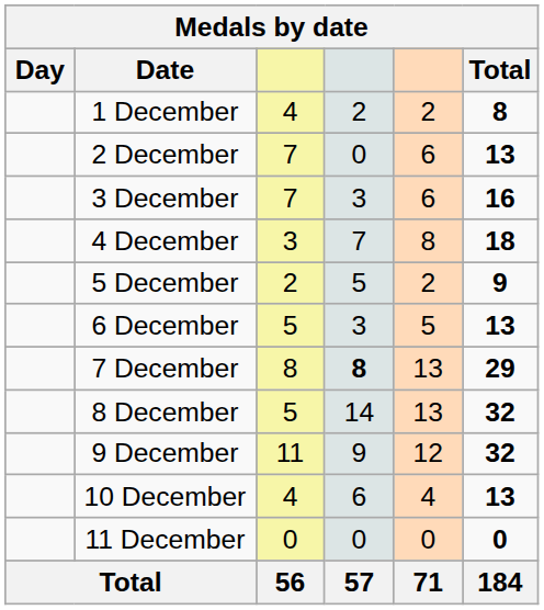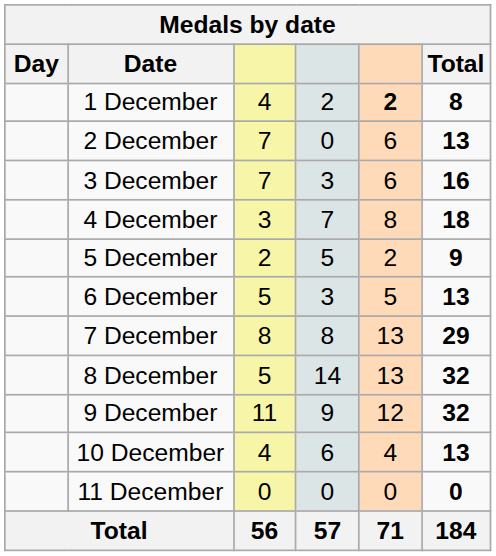 <table class="wikitable" style="font-size:90%; text-align:center;">
 <tr style="background:#efefef;">
 <th colspan=6><strong>Medals by date</strong></th>
 </tr>
 <tr>
 <th width=30><strong>Day</strong></th>
 <th width=90><strong>Date</strong></th>
 <th width=30 style="background:#F7F6A8;"></th>
 <th width=30 style="background:#DCE5E5;"></th>
 <th width=30 style="background:#FFDAB9;"></th>
 <th width=30><strong>Total</strong></th>
 </tr>
 <tr>
 <td></td>
 <td>1 December</td>
 <td style="background:#F7F6A8;">4</td>
 <td style="background:#DCE5E5;">2</td>
-<td style="background:#FFDAB9;">2</td>
+<td style="background:#FFDAB9;"><strong>2</strong></td>
 <td><strong>8</strong></td>
 </tr>
 <tr>
 <td></td>
 <td>2 December</td>
 <td style="background:#F7F6A8;">7</td>
 <td style="background:#DCE5E5;">0</td>
 <td style="background:#FFDAB9;">6</td>
 <td><strong>13</strong></td>
 </tr>
 <tr>
 <td></td>
 <td>3 December</td>
 <td style="background:#F7F6A8;">7</td>
 <td style="background:#DCE5E5;">3</td>
 <td style="background:#FFDAB9;">6</td>
 <td><strong>16</strong></td>
 </tr>
 <tr>
 <td></td>
 <td>4 December</td>
 <td style="background:#F7F6A8;">3</td>
 <td style="background:#DCE5E5;">7</td>
 <td style="background:#FFDAB9;">8</td>
 <td><strong>18</strong></td>
 </tr>
 <tr>
 <td></td>
 <td>5 December</td>
 <td style="background:#F7F6A8;">2</td>
 <td style="background:#DCE5E5;">5</td>
 <td style="background:#FFDAB9;">2</td>
 <td><strong>9</strong></td>
 </tr>
 <tr>
 <td></td>
 <td>6 December</td>
 <td style="background:#F7F6A8;">5</td>
 <td style="background:#DCE5E5;">3</td>
 <td style="background:#FFDAB9;">5</td>
 <td><strong>13</strong></td>
 </tr>
 <tr>
 <td></td>
 <td>7 December</td>
 <td style="background:#F7F6A8;">8</td>
-<td style="background:#DCE5E5;"><strong>8</strong></td>
+<td style="background:#DCE5E5;">8</td>
 <td style="background:#FFDAB9;">13</td>
 <td><strong>29</strong></td>
 </tr>
 <tr>
 <td></td>
 <td>8 December</td>
 <td style="background:#F7F6A8;">5</td>
 <td style="background:#DCE5E5;">14</td>
 <td style="background:#FFDAB9;">13</td>
 <td><strong>32</strong></td>
 </tr>
 <tr>
 <td></td>
 <td>9 December</td>
 <td style="background:#F7F6A8;">11</td>
 <td style="background:#DCE5E5;">9</td>
 <td style="background:#FFDAB9;">12</td>
 <td><strong>32</strong></td>
 </tr>
 <tr>
 <td></td>
 <td>10 December</td>
 <td style="background:#F7F6A8;">4</td>
 <td style="background:#DCE5E5;">6</td>
 <td style="background:#FFDAB9;">4</td>
 <td><strong>13</strong></td>
 </tr>
 <tr>
 <td></td>
 <td>11 December</td>
 <td style="background:#F7F6A8;">0</td>
 <td style="background:#DCE5E5;">0</td>
 <td style="background:#FFDAB9;">0</td>
 <td><strong>0</strong></td>
 </tr>
 <tr>
 <th colspan="2"><strong>Total</strong></th>
 <th><strong>56</strong></th>
 <th><strong>57</strong></th>
 <th><strong>71</strong></th>
 <th><strong>184</strong></th>
 </tr>
 </table>
